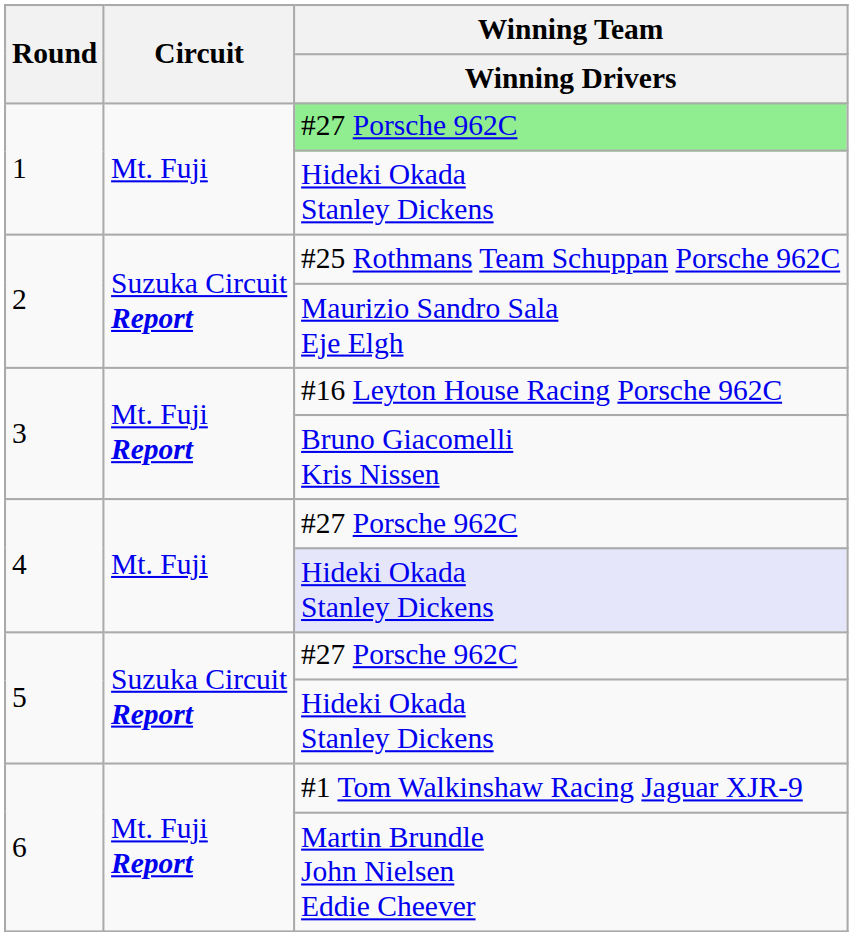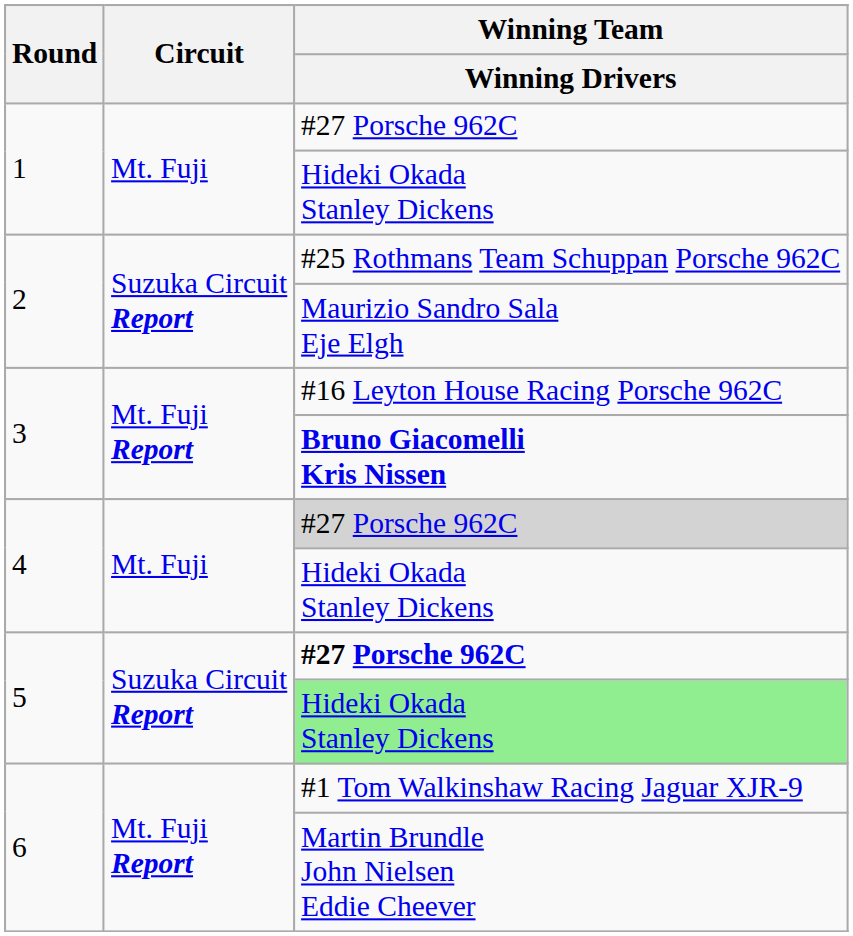 <table class="wikitable" style="font-size: 90%;">
 <tr>
 <th rowspan=2>Round</th>
 <th rowspan=2>Circuit</th>
 <th>Winning Team</th>
 </tr>
 <tr>
 <th>Winning Drivers</th>
 </tr>
 <tr>
 <td rowspan=2>1</td>
 <td rowspan=2><a href='#'>Mt. Fuji</a></td>
-<td style="background: lightgreen;">#27   <a href='#'>Porsche 962C</a></td>
+<td>#27   <a href='#'>Porsche 962C</a></td>
 </tr>
 <tr>
 <td> <a href='#'>Hideki Okada</a><br> <a href='#'>Stanley Dickens</a></td>
 </tr>
 <tr>
 <td rowspan=2>2</td>
 <td rowspan=2><a href='#'>Suzuka Circuit</a><br><strong><em><a href='#'>Report</a></em></strong></td>
 <td>#25 <a href='#'>Rothmans</a> <a href='#'>Team Schuppan</a> <a href='#'>Porsche 962C</a></td>
 </tr>
 <tr>
 <td> <a href='#'>Maurizio Sandro Sala</a><br> <a href='#'>Eje Elgh</a></td>
 </tr>
 <tr>
 <td rowspan=2>3</td>
 <td rowspan=2><a href='#'>Mt. Fuji</a><br><strong><em><a href='#'>Report</a></em></strong></td>
 <td>#16 <a href='#'>Leyton House Racing</a> <a href='#'>Porsche 962C</a></td>
 </tr>
 <tr>
-<td> <a href='#'>Bruno Giacomelli</a><br> <a href='#'>Kris Nissen</a></td>
+<td><strong> <a href='#'>Bruno Giacomelli</a><br> <a href='#'>Kris Nissen</a></strong></td>
 </tr>
 <tr>
 <td rowspan=2>4</td>
 <td rowspan=2><a href='#'>Mt. Fuji</a></td>
-<td>#27   <a href='#'>Porsche 962C</a></td>
+<td style="background: lightgrey;">#27   <a href='#'>Porsche 962C</a></td>
 </tr>
 <tr>
-<td style="background: lavender;"> <a href='#'>Hideki Okada</a><br> <a href='#'>Stanley Dickens</a></td>
+<td> <a href='#'>Hideki Okada</a><br> <a href='#'>Stanley Dickens</a></td>
 </tr>
 <tr>
 <td rowspan=2>5</td>
 <td rowspan=2><a href='#'>Suzuka Circuit</a><br><strong><em><a href='#'>Report</a></em></strong></td>
-<td>#27   <a href='#'>Porsche 962C</a></td>
+<td><strong>#27   <a href='#'>Porsche 962C</a></strong></td>
 </tr>
 <tr>
-<td> <a href='#'>Hideki Okada</a><br> <a href='#'>Stanley Dickens</a></td>
+<td style="background: lightgreen;"> <a href='#'>Hideki Okada</a><br> <a href='#'>Stanley Dickens</a></td>
 </tr>
 <tr>
 <td rowspan=2>6</td>
 <td rowspan=2><a href='#'>Mt. Fuji</a><br><strong><em><a href='#'>Report</a></em></strong></td>
 <td>#1 <a href='#'>Tom Walkinshaw Racing</a> <a href='#'>Jaguar XJR-9</a></td>
 </tr>
 <tr>
 <td> <a href='#'>Martin Brundle</a><br> <a href='#'>John Nielsen</a><br> <a href='#'>Eddie Cheever</a></td>
 </tr>
 <tr>
 </tr>
 </table>
